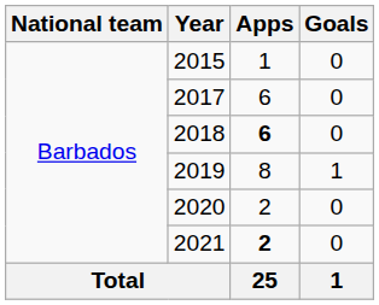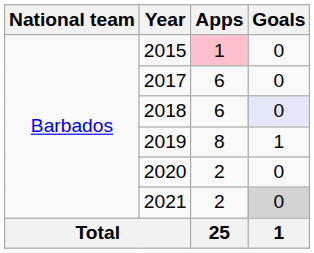 <table class="wikitable" style="text-align:center">
 <tr>
 <th>National team</th>
 <th>Year</th>
 <th>Apps</th>
 <th>Goals</th>
 </tr>
 <tr>
 <td rowspan="6"><a href='#'>Barbados</a></td>
 <td>2015</td>
-<td>1</td>
+<td style="background: pink;">1</td>
 <td>0</td>
 </tr>
 <tr>
 <td>2017</td>
 <td>6</td>
 <td>0</td>
 </tr>
 <tr>
 <td>2018</td>
-<td><strong>6</strong></td>
-<td>0</td>
+<td>6</td>
+<td style="background: lavender;">0</td>
 </tr>
 <tr>
 <td>2019</td>
 <td>8</td>
 <td>1</td>
 </tr>
 <tr>
 <td>2020</td>
 <td>2</td>
 <td>0</td>
 </tr>
 <tr>
 <td>2021</td>
-<td><strong>2</strong></td>
-<td>0</td>
+<td>2</td>
+<td style="background: lightgrey;">0</td>
 </tr>
 <tr>
 <th colspan="2">Total</th>
 <th>25</th>
 <th>1</th>
 </tr>
 </table>
